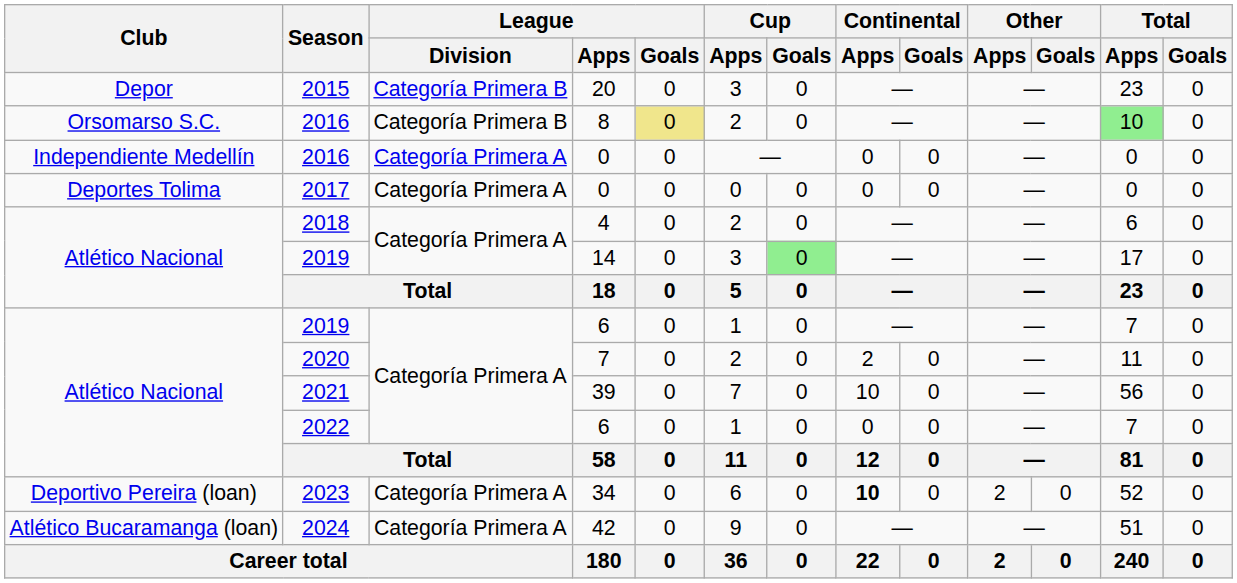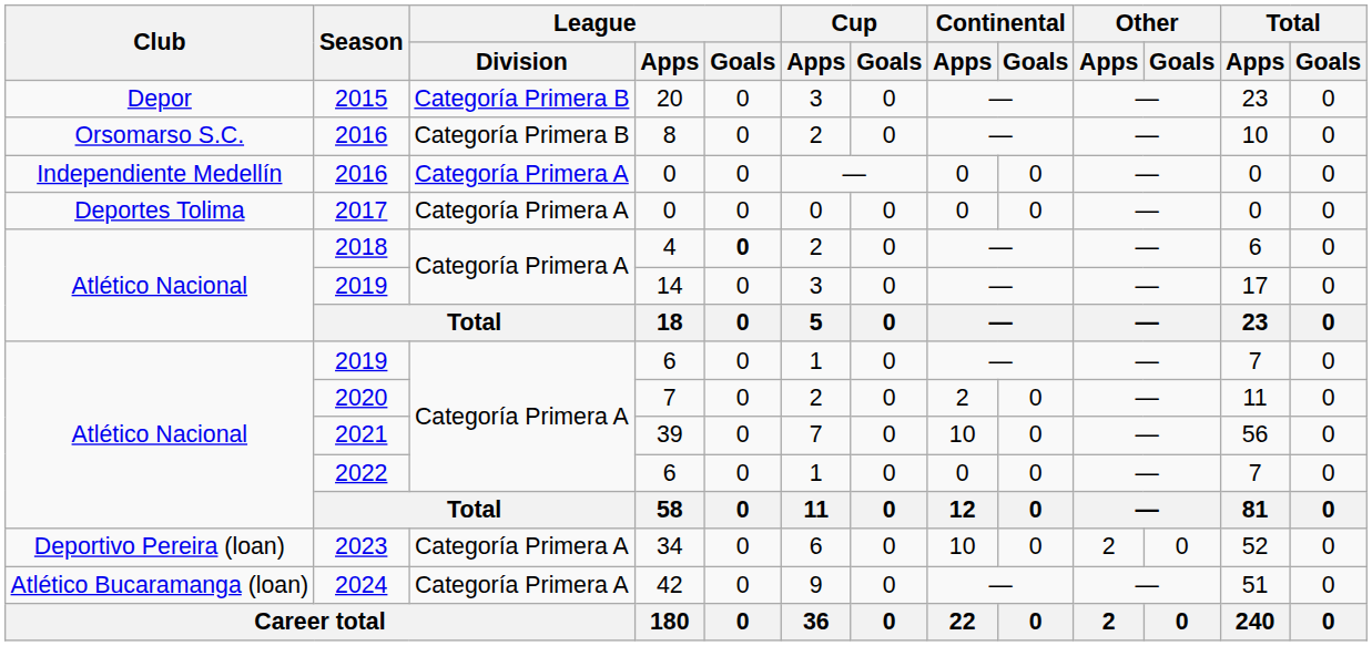 <table class="wikitable" style="text-align:center">
 <tr>
 <th rowspan="2">Club</th>
 <th rowspan="2">Season</th>
 <th colspan="3">League</th>
 <th colspan="2">Cup</th>
 <th colspan="2">Continental</th>
 <th colspan="2">Other</th>
 <th colspan="2">Total</th>
 </tr>
 <tr>
 <th>Division</th>
 <th>Apps</th>
 <th>Goals</th>
 <th>Apps</th>
 <th>Goals</th>
 <th>Apps</th>
 <th>Goals</th>
 <th>Apps</th>
 <th>Goals</th>
 <th>Apps</th>
 <th>Goals</th>
 </tr>
 <tr>
 <td><a href='#'>Depor</a></td>
 <td><a href='#'>2015</a></td>
 <td><a href='#'>Categoría Primera B</a></td>
 <td>20</td>
 <td>0</td>
 <td>3</td>
 <td>0</td>
 <td colspan="2">—</td>
 <td colspan="2">—</td>
 <td>23</td>
 <td>0</td>
 </tr>
 <tr>
 <td><a href='#'>Orsomarso S.C.</a></td>
 <td><a href='#'>2016</a></td>
 <td>Categoría Primera B</td>
 <td>8</td>
-<td style="background: khaki;">0</td>
+<td>0</td>
 <td>2</td>
 <td>0</td>
 <td colspan="2">—</td>
 <td colspan="2">—</td>
-<td style="background: lightgreen;">10</td>
+<td>10</td>
 <td>0</td>
 </tr>
 <tr>
 <td><a href='#'>Independiente Medellín</a></td>
 <td><a href='#'>2016</a></td>
 <td><a href='#'>Categoría Primera A</a></td>
 <td>0</td>
 <td>0</td>
 <td colspan="2">—</td>
 <td>0</td>
 <td>0</td>
 <td colspan="2">—</td>
 <td>0</td>
 <td>0</td>
 </tr>
 <tr>
 <td><a href='#'>Deportes Tolima</a></td>
 <td><a href='#'>2017</a></td>
 <td>Categoría Primera A</td>
 <td>0</td>
 <td>0</td>
 <td>0</td>
 <td>0</td>
 <td>0</td>
 <td>0</td>
 <td colspan="2">—</td>
 <td>0</td>
 <td>0</td>
 </tr>
 <tr>
 <td rowspan="3"><a href='#'>Atlético Nacional</a></td>
 <td><a href='#'>2018</a></td>
 <td rowspan="2">Categoría Primera A</td>
 <td>4</td>
-<td>0</td>
+<td><strong>0</strong></td>
 <td>2</td>
 <td>0</td>
 <td colspan="2">—</td>
 <td colspan="2">—</td>
 <td>6</td>
 <td>0</td>
 </tr>
 <tr>
 <td><a href='#'>2019</a></td>
 <td>14</td>
 <td>0</td>
 <td>3</td>
-<td style="background: lightgreen;">0</td>
+<td>0</td>
 <td colspan="2">—</td>
 <td colspan="2">—</td>
 <td>17</td>
 <td>0</td>
 </tr>
 <tr>
 <th colspan="2">Total</th>
 <th>18</th>
 <th>0</th>
 <th>5</th>
 <th>0</th>
 <th colspan="2">—</th>
 <th colspan="2">—</th>
 <th>23</th>
 <th>0</th>
 </tr>
 <tr>
 <td rowspan="5"><a href='#'>Atlético Nacional</a></td>
 <td><a href='#'>2019</a></td>
 <td rowspan="4">Categoría Primera A</td>
 <td>6</td>
 <td>0</td>
 <td>1</td>
 <td>0</td>
 <td colspan="2">—</td>
 <td colspan="2">—</td>
 <td>7</td>
 <td>0</td>
 </tr>
 <tr>
 <td><a href='#'>2020</a></td>
 <td>7</td>
 <td>0</td>
 <td>2</td>
 <td>0</td>
 <td>2</td>
 <td>0</td>
 <td colspan="2">—</td>
 <td>11</td>
 <td>0</td>
 </tr>
 <tr>
 <td><a href='#'>2021</a></td>
 <td>39</td>
 <td>0</td>
 <td>7</td>
 <td>0</td>
 <td>10</td>
 <td>0</td>
 <td colspan="2">—</td>
 <td>56</td>
 <td>0</td>
 </tr>
 <tr>
 <td><a href='#'>2022</a></td>
 <td>6</td>
 <td>0</td>
 <td>1</td>
 <td>0</td>
 <td>0</td>
 <td>0</td>
 <td colspan="2">—</td>
 <td>7</td>
 <td>0</td>
 </tr>
 <tr>
 <th colspan="2">Total</th>
 <th>58</th>
 <th>0</th>
 <th>11</th>
 <th>0</th>
 <th>12</th>
 <th>0</th>
 <th colspan="2">—</th>
 <th>81</th>
 <th>0</th>
 </tr>
 <tr>
 <td><a href='#'>Deportivo Pereira</a> (loan)</td>
 <td><a href='#'>2023</a></td>
 <td>Categoría Primera A</td>
 <td>34</td>
 <td>0</td>
 <td>6</td>
 <td>0</td>
-<td><strong>10</strong></td>
+<td>10</td>
 <td>0</td>
 <td>2</td>
 <td>0</td>
 <td>52</td>
 <td>0</td>
 </tr>
 <tr>
 <td><a href='#'>Atlético Bucaramanga</a> (loan)</td>
 <td><a href='#'>2024</a></td>
 <td>Categoría Primera A</td>
 <td>42</td>
 <td>0</td>
 <td>9</td>
 <td>0</td>
 <td colspan="2">—</td>
 <td colspan="2">—</td>
 <td>51</td>
 <td>0</td>
 </tr>
 <tr>
 <th colspan="3">Career total</th>
 <th>180</th>
 <th>0</th>
 <th>36</th>
 <th>0</th>
 <th>22</th>
 <th>0</th>
 <th>2</th>
 <th>0</th>
 <th>240</th>
 <th>0</th>
 </tr>
 </table>
